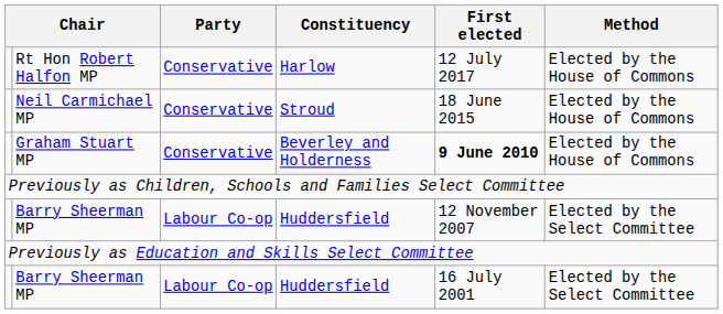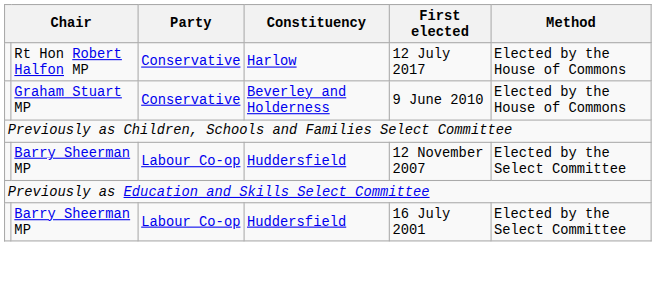 <table class="wikitable">
 <tr>
 <th colspan="2">Chair</th>
 <th>Party</th>
 <th>Constituency</th>
 <th>First elected</th>
 <th>Method</th>
 </tr>
 <tr>
 <td style="color:inherit;background-color: "></td>
 <td>Rt Hon <a href='#'>Robert Halfon</a> MP</td>
 <td><a href='#'>Conservative</a></td>
 <td><a href='#'>Harlow</a></td>
 <td>12 July 2017</td>
 <td>Elected by the House of Commons</td>
 </tr>
 <tr>
 <td style="color:inherit;background-color: "></td>
-<td><a href='#'>Neil Carmichael</a> MP</td>
-<td><a href='#'>Conservative</a></td>
-<td><a href='#'>Stroud</a></td>
-<td>18 June 2015</td>
-<td>Elected by the House of Commons</td>
-</tr>
-<tr>
-<td style="color:inherit;background-color: "></td>
 <td><a href='#'>Graham Stuart</a> MP</td>
 <td><a href='#'>Conservative</a></td>
 <td><a href='#'>Beverley and Holderness</a></td>
-<td><strong>9 June 2010</strong></td>
+<td>9 June 2010</td>
 <td>Elected by the House of Commons</td>
 </tr>
 <tr>
 <td colspan="6"><em>Previously as Children, Schools and Families Select Committee</em></td>
 </tr>
 <tr>
 <td style="color:inherit;background-color: "></td>
 <td><a href='#'>Barry Sheerman</a> MP</td>
 <td><a href='#'>Labour Co-op</a></td>
 <td><a href='#'>Huddersfield</a></td>
 <td>12 November 2007</td>
 <td>Elected by the Select Committee</td>
 </tr>
 <tr>
 <td colspan="6"><em>Previously as <a href='#'>Education and Skills Select Committee</a></em></td>
 </tr>
 <tr>
 <td style="color:inherit;background-color: "></td>
 <td><a href='#'>Barry Sheerman</a> MP</td>
 <td><a href='#'>Labour Co-op</a></td>
 <td><a href='#'>Huddersfield</a></td>
 <td>16 July 2001</td>
 <td>Elected by the Select Committee</td>
 </tr>
 </table>
